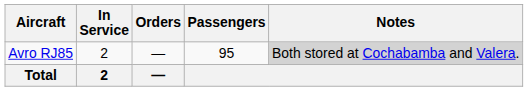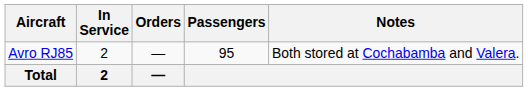 <table class="wikitable" style="text-align:center; margin:0.5em auto">
 <tr>
 <th>Aircraft</th>
 <th>In <br> Service</th>
 <th>Orders</th>
 <th>Passengers</th>
 <th>Notes</th>
 </tr>
 <tr>
 <td><a href='#'>Avro RJ85</a></td>
 <td>2</td>
 <td>—</td>
 <td>95</td>
-<td style="background: lightgrey;">Both stored at <a href='#'>Cochabamba</a> and <a href='#'>Valera</a>.</td>
+<td>Both stored at <a href='#'>Cochabamba</a> and <a href='#'>Valera</a>.</td>
 </tr>
 <tr>
 <th>Total</th>
 <th>2</th>
 <th>—</th>
 <th colspan=2></th>
 </tr>
 </table>
